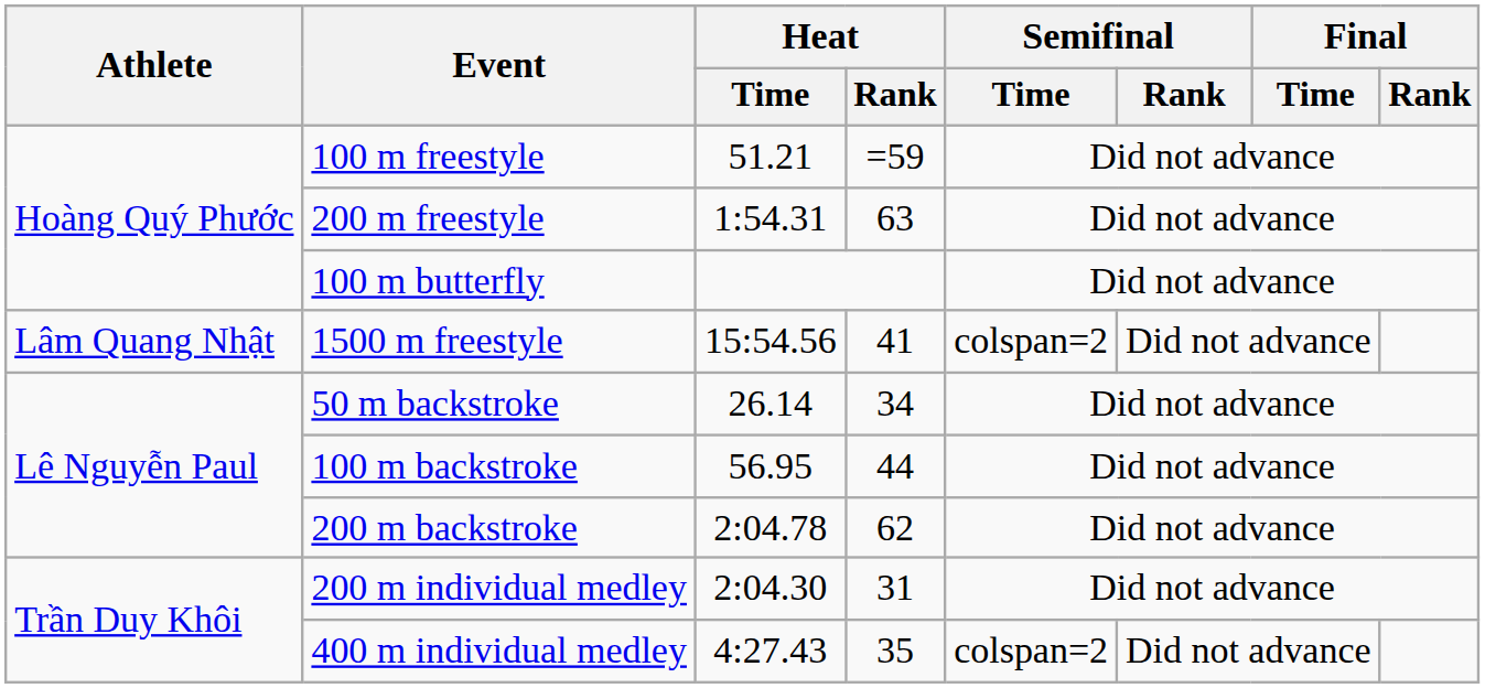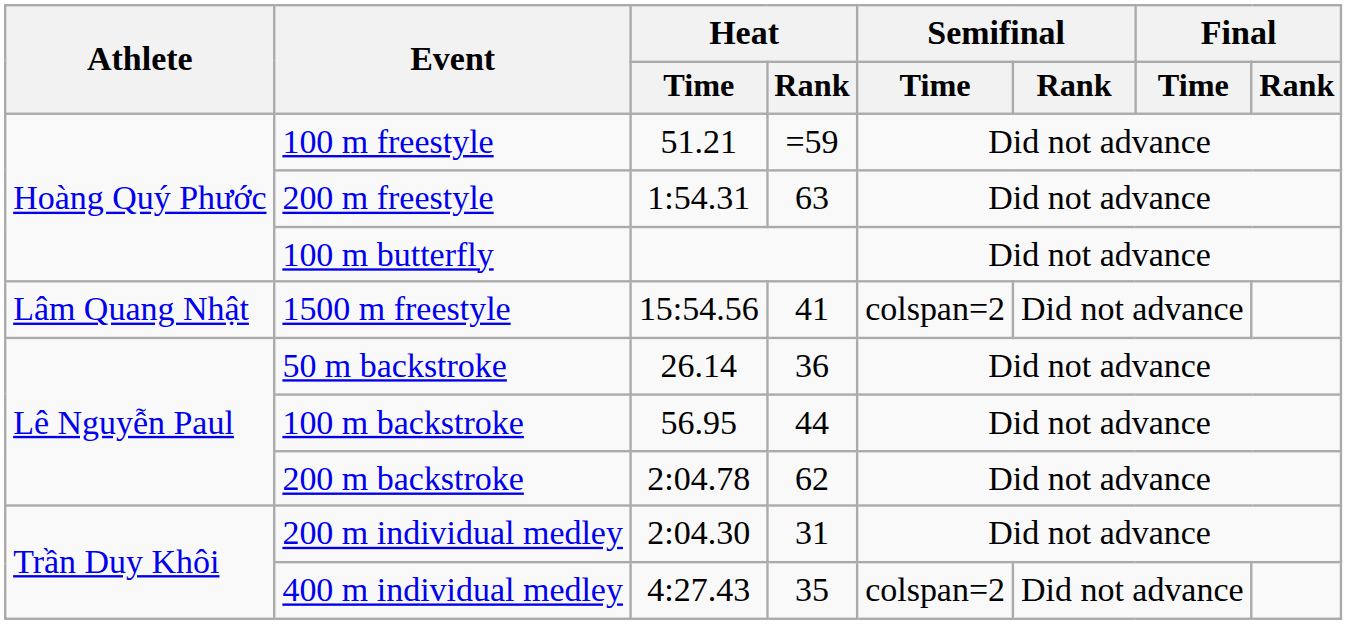 <table class=wikitable style="font-size:90%">
 <tr>
 <th rowspan="2">Athlete</th>
 <th rowspan="2">Event</th>
 <th colspan="2">Heat</th>
 <th colspan="2">Semifinal</th>
 <th colspan="2">Final</th>
 </tr>
 <tr style="font-size:95%">
 <th>Time</th>
 <th>Rank</th>
 <th>Time</th>
 <th>Rank</th>
 <th>Time</th>
 <th>Rank</th>
 </tr>
 <tr align=center>
 <td align=left rowspan=3><a href='#'>Hoàng Quý Phước</a></td>
 <td align=left><a href='#'>100 m freestyle</a></td>
 <td>51.21</td>
 <td>=59</td>
 <td colspan=4>Did not advance</td>
 </tr>
 <tr align=center>
 <td align=left><a href='#'>200 m freestyle</a></td>
 <td>1:54.31</td>
 <td>63</td>
 <td colspan=4>Did not advance</td>
 </tr>
 <tr align=center>
 <td align=left><a href='#'>100 m butterfly</a></td>
 <td colspan=2></td>
 <td colspan=4>Did not advance</td>
 </tr>
 <tr align=center>
 <td align=left><a href='#'>Lâm Quang Nhật</a></td>
 <td align=left><a href='#'>1500 m freestyle</a></td>
 <td>15:54.56</td>
 <td>41</td>
 <td>colspan=2 </td>
 <td colspan=2>Did not advance</td>
 </tr>
 <tr align=center>
 <td align=left rowspan=3><a href='#'>Lê Nguyễn Paul</a></td>
 <td align=left><a href='#'>50 m backstroke</a></td>
 <td>26.14</td>
-<td>34</td>
+<td>36</td>
 <td colspan=4>Did not advance</td>
 </tr>
 <tr align=center>
 <td align=left><a href='#'>100 m backstroke</a></td>
 <td>56.95</td>
 <td>44</td>
 <td colspan=4>Did not advance</td>
 </tr>
 <tr align=center>
 <td align=left><a href='#'>200 m backstroke</a></td>
 <td>2:04.78</td>
 <td>62</td>
 <td colspan=4>Did not advance</td>
 </tr>
 <tr align=center>
 <td align=left rowspan=2><a href='#'>Trần Duy Khôi</a></td>
 <td align=left><a href='#'>200 m individual medley</a></td>
 <td>2:04.30</td>
 <td>31</td>
 <td colspan=4>Did not advance</td>
 </tr>
 <tr align=center>
 <td align=left><a href='#'>400 m individual medley</a></td>
 <td>4:27.43</td>
 <td>35</td>
 <td>colspan=2 </td>
 <td colspan=2>Did not advance</td>
 </tr>
 </table>
